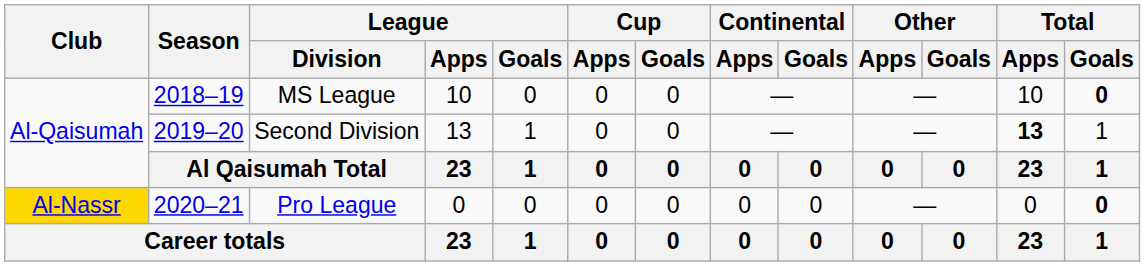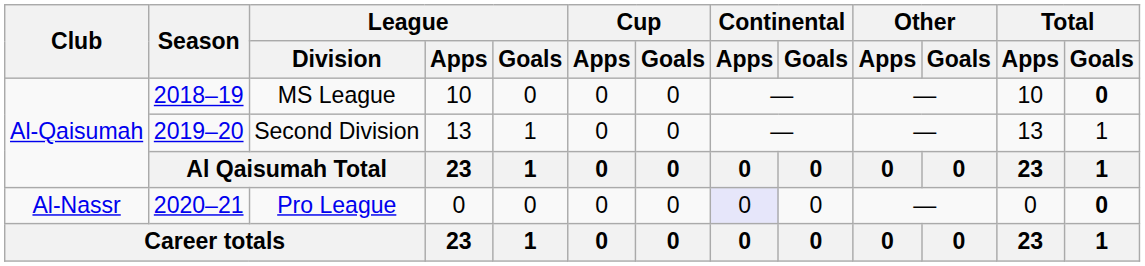 <table class="wikitable" style="text-align: center">
 <tr>
 <th rowspan="2">Club</th>
 <th rowspan="2">Season</th>
 <th colspan="3">League</th>
 <th colspan="2">Cup</th>
 <th colspan="2">Continental</th>
 <th colspan="2">Other</th>
 <th colspan="2">Total</th>
 </tr>
 <tr>
 <th>Division</th>
 <th>Apps</th>
 <th>Goals</th>
 <th>Apps</th>
 <th>Goals</th>
 <th>Apps</th>
 <th>Goals</th>
 <th>Apps</th>
 <th>Goals</th>
 <th>Apps</th>
 <th>Goals</th>
 </tr>
 <tr>
 <td rowspan=3><a href='#'>Al-Qaisumah</a></td>
 <td><a href='#'>2018–19</a></td>
 <td>MS League</td>
 <td>10</td>
 <td>0</td>
 <td>0</td>
 <td>0</td>
 <td colspan="2">—</td>
 <td colspan="2">—</td>
 <td>10</td>
 <td><strong>0</strong></td>
 </tr>
 <tr>
 <td><a href='#'>2019–20</a></td>
 <td>Second Division</td>
 <td>13</td>
 <td>1</td>
 <td>0</td>
 <td>0</td>
 <td colspan="2">—</td>
 <td colspan="2">—</td>
-<td><strong>13</strong></td>
+<td>13</td>
 <td>1</td>
 </tr>
 <tr>
 <th colspan="2">Al Qaisumah Total</th>
 <th>23</th>
 <th>1</th>
 <th>0</th>
 <th>0</th>
 <th>0</th>
 <th>0</th>
 <th>0</th>
 <th>0</th>
 <th>23</th>
 <th>1</th>
 </tr>
 <tr>
-<td rowspan=1 style="background: gold;"><a href='#'>Al-Nassr</a></td>
+<td rowspan=1><a href='#'>Al-Nassr</a></td>
 <td><a href='#'>2020–21</a></td>
 <td><a href='#'>Pro League</a></td>
 <td>0</td>
 <td>0</td>
 <td>0</td>
 <td>0</td>
-<td>0</td>
+<td style="background: lavender;">0</td>
 <td>0</td>
 <td colspan=2>—</td>
 <td>0</td>
 <td><strong>0</strong></td>
 </tr>
 <tr>
 <th colspan=3>Career totals</th>
 <th>23</th>
 <th>1</th>
 <th>0</th>
 <th>0</th>
 <th>0</th>
 <th>0</th>
 <th>0</th>
 <th>0</th>
 <th>23</th>
 <th>1</th>
 </tr>
 </table>
